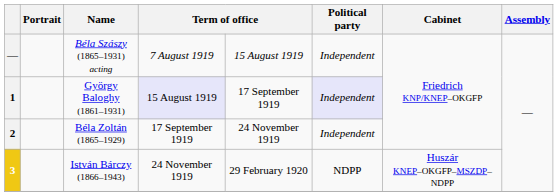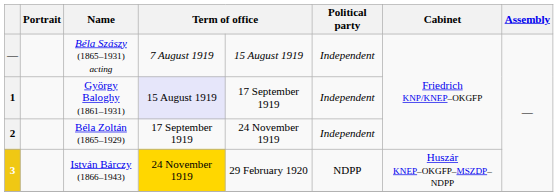 <table class="wikitable" style="width:90%; text-align:center;">
 <tr>
 <th></th>
 <th>Portrait</th>
 <th>Name<br></th>
 <th colspan=2>Term of office</th>
 <th>Political party</th>
 <th>Cabinet</th>
 <th><a href='#'>Assembly</a><br></th>
 </tr>
 <tr>
 <th style="background:">—</th>
 <td></td>
 <td><em><a href='#'>Béla Szászy</a></em><br><small>(1865–1931)<br><em>acting</em></small></td>
 <td><em>7 August 1919</em></td>
 <td><em>15 August 1919</em></td>
 <td><em>Independent</em></td>
 <td rowspan="3"><a href='#'>Friedrich</a><br><small><a href='#'>KNP/KNEP</a>–OKGFP</small></td>
 <td rowspan="4">—</td>
 </tr>
 <tr>
 <th style="background:">1</th>
 <td></td>
 <td><a href='#'>György Baloghy</a><br><small>(1861–1931)</small></td>
 <td style="background: lavender;">15 August 1919</td>
 <td>17 September 1919</td>
-<td style="background: lavender;"><em>Independent</em></td>
+<td><em>Independent</em></td>
 </tr>
 <tr>
 <th style="background:">2</th>
 <td></td>
 <td><a href='#'>Béla Zoltán</a><br><small>(1865–1929)</small></td>
 <td>17 September 1919</td>
 <td>24 November 1919</td>
 <td><em>Independent</em></td>
 </tr>
 <tr>
 <th style="background-color:#F0C814; color:white">3</th>
 <td></td>
 <td><a href='#'>István Bárczy</a><br><small>(1866–1943)</small></td>
-<td>24 November 1919</td>
+<td style="background: gold;">24 November 1919</td>
 <td>29 February 1920</td>
 <td>NDPP</td>
 <td><a href='#'>Huszár</a><br><small><a href='#'>KNEP</a>–OKGFP–<a href='#'>MSZDP</a>–NDPP</small></td>
 </tr>
 <tr>
 </tr>
 </table>
